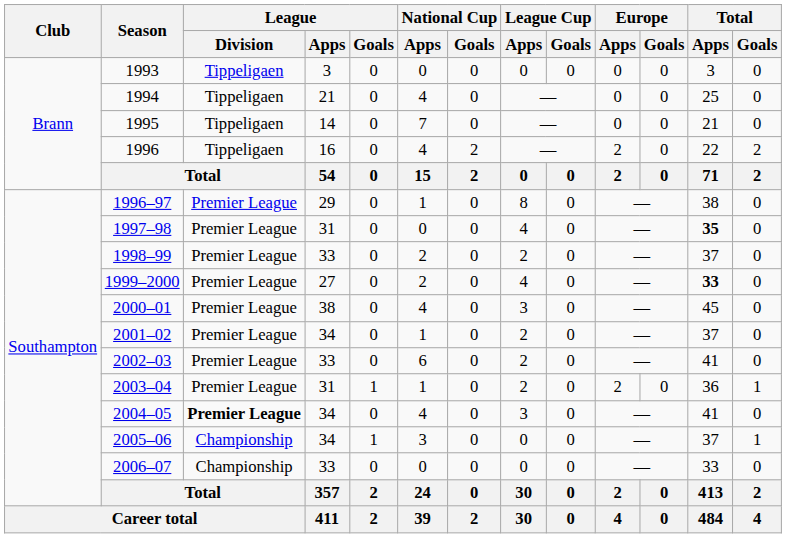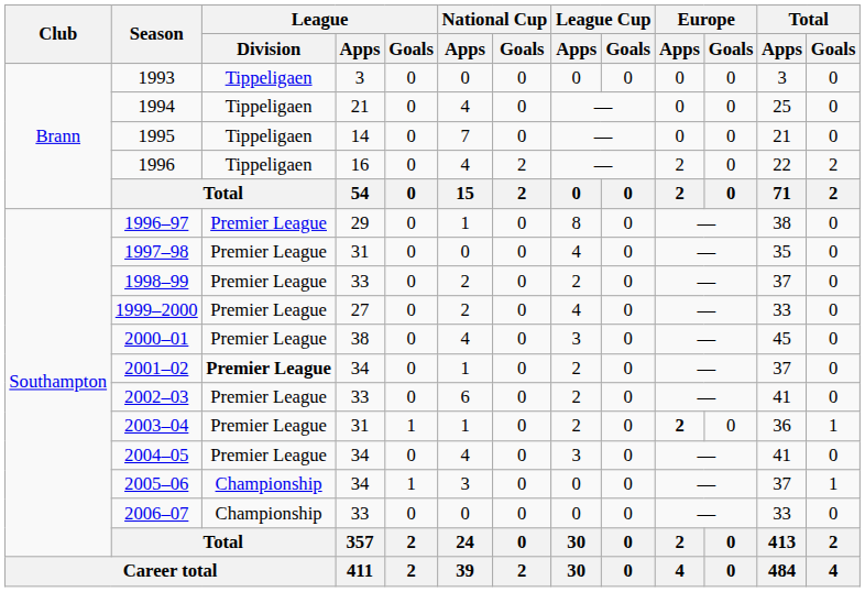 <table class=wikitable style=text-align:center>
 <tr>
 <th rowspan=2>Club</th>
 <th rowspan=2>Season</th>
 <th colspan=3>League</th>
 <th colspan=2>National Cup</th>
 <th colspan=2>League Cup</th>
 <th colspan=2>Europe</th>
 <th colspan=2>Total</th>
 </tr>
 <tr>
 <th>Division</th>
 <th>Apps</th>
 <th>Goals</th>
 <th>Apps</th>
 <th>Goals</th>
 <th>Apps</th>
 <th>Goals</th>
 <th>Apps</th>
 <th>Goals</th>
 <th>Apps</th>
 <th>Goals</th>
 </tr>
 <tr>
 <td rowspan=5><a href='#'>Brann</a></td>
 <td>1993</td>
 <td><a href='#'>Tippeligaen</a></td>
 <td>3</td>
 <td>0</td>
 <td>0</td>
 <td>0</td>
 <td>0</td>
 <td>0</td>
 <td>0</td>
 <td>0</td>
 <td>3</td>
 <td>0</td>
 </tr>
 <tr>
 <td>1994</td>
 <td>Tippeligaen</td>
 <td>21</td>
 <td>0</td>
 <td>4</td>
 <td>0</td>
 <td colspan=2>—</td>
 <td>0</td>
 <td>0</td>
 <td>25</td>
 <td>0</td>
 </tr>
 <tr>
 <td>1995</td>
 <td>Tippeligaen</td>
 <td>14</td>
 <td>0</td>
 <td>7</td>
 <td>0</td>
 <td colspan=2>—</td>
 <td>0</td>
 <td>0</td>
 <td>21</td>
 <td>0</td>
 </tr>
 <tr>
 <td>1996</td>
 <td>Tippeligaen</td>
 <td>16</td>
 <td>0</td>
 <td>4</td>
 <td>2</td>
 <td colspan="2">—</td>
 <td>2</td>
 <td>0</td>
 <td>22</td>
 <td>2</td>
 </tr>
 <tr>
 <th colspan=2>Total</th>
 <th>54</th>
 <th>0</th>
 <th>15</th>
 <th>2</th>
 <th>0</th>
 <th>0</th>
 <th>2</th>
 <th>0</th>
 <th>71</th>
 <th>2</th>
 </tr>
 <tr>
 <td rowspan="12"><a href='#'>Southampton</a></td>
 <td><a href='#'>1996–97</a></td>
 <td><a href='#'>Premier League</a></td>
 <td>29</td>
 <td>0</td>
 <td>1</td>
 <td>0</td>
 <td>8</td>
 <td>0</td>
 <td colspan="2">—</td>
 <td>38</td>
 <td>0</td>
 </tr>
 <tr>
 <td><a href='#'>1997–98</a></td>
 <td>Premier League</td>
 <td>31</td>
 <td>0</td>
 <td>0</td>
 <td>0</td>
 <td>4</td>
 <td>0</td>
 <td colspan=2>—</td>
-<td><strong>35</strong></td>
+<td>35</td>
 <td>0</td>
 </tr>
 <tr>
 <td><a href='#'>1998–99</a></td>
 <td>Premier League</td>
 <td>33</td>
 <td>0</td>
 <td>2</td>
 <td>0</td>
 <td>2</td>
 <td>0</td>
 <td colspan=2>—</td>
 <td>37</td>
 <td>0</td>
 </tr>
 <tr>
 <td><a href='#'>1999–2000</a></td>
 <td>Premier League</td>
 <td>27</td>
 <td>0</td>
 <td>2</td>
 <td>0</td>
 <td>4</td>
 <td>0</td>
 <td colspan=2>—</td>
-<td><strong>33</strong></td>
+<td>33</td>
 <td>0</td>
 </tr>
 <tr>
 <td><a href='#'>2000–01</a></td>
 <td>Premier League</td>
 <td>38</td>
 <td>0</td>
 <td>4</td>
 <td>0</td>
 <td>3</td>
 <td>0</td>
 <td colspan=2>—</td>
 <td>45</td>
 <td>0</td>
 </tr>
 <tr>
 <td><a href='#'>2001–02</a></td>
-<td>Premier League</td>
+<td><strong>Premier League</strong></td>
 <td>34</td>
 <td>0</td>
 <td>1</td>
 <td>0</td>
 <td>2</td>
 <td>0</td>
 <td colspan=2>—</td>
 <td>37</td>
 <td>0</td>
 </tr>
 <tr>
 <td><a href='#'>2002–03</a></td>
 <td>Premier League</td>
 <td>33</td>
 <td>0</td>
 <td>6</td>
 <td>0</td>
 <td>2</td>
 <td>0</td>
 <td colspan=2>—</td>
 <td>41</td>
 <td>0</td>
 </tr>
 <tr>
 <td><a href='#'>2003–04</a></td>
 <td>Premier League</td>
 <td>31</td>
 <td>1</td>
 <td>1</td>
 <td>0</td>
 <td>2</td>
 <td>0</td>
-<td>2</td>
+<td><strong>2</strong></td>
 <td>0</td>
 <td>36</td>
 <td>1</td>
 </tr>
 <tr>
 <td><a href='#'>2004–05</a></td>
-<td><strong>Premier League</strong></td>
+<td>Premier League</td>
 <td>34</td>
 <td>0</td>
 <td>4</td>
 <td>0</td>
 <td>3</td>
 <td>0</td>
 <td colspan=2>—</td>
 <td>41</td>
 <td>0</td>
 </tr>
 <tr>
 <td><a href='#'>2005–06</a></td>
 <td><a href='#'>Championship</a></td>
 <td>34</td>
 <td>1</td>
 <td>3</td>
 <td>0</td>
 <td>0</td>
 <td>0</td>
 <td colspan=2>—</td>
 <td>37</td>
 <td>1</td>
 </tr>
 <tr>
 <td><a href='#'>2006–07</a></td>
 <td>Championship</td>
 <td>33</td>
 <td>0</td>
 <td>0</td>
 <td>0</td>
 <td>0</td>
 <td>0</td>
 <td colspan=2>—</td>
 <td>33</td>
 <td>0</td>
 </tr>
 <tr>
 <th colspan=2>Total</th>
 <th>357</th>
 <th>2</th>
 <th>24</th>
 <th>0</th>
 <th>30</th>
 <th>0</th>
 <th>2</th>
 <th>0</th>
 <th>413</th>
 <th>2</th>
 </tr>
 <tr>
 <th colspan=3>Career total</th>
 <th>411</th>
 <th>2</th>
 <th>39</th>
 <th>2</th>
 <th>30</th>
 <th>0</th>
 <th>4</th>
 <th>0</th>
 <th>484</th>
 <th>4</th>
 </tr>
 </table>
